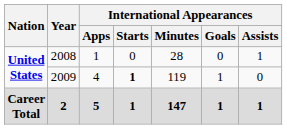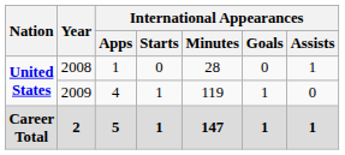 <table class="wikitable" style=font-size:90% text-align: center width=35%>
 <tr>
 <th rowspan=2 width=20%>Nation</th>
 <th rowspan=2 width=7%>Year</th>
 <th colspan=5 width=30%>International Appearances</th>
 </tr>
 <tr>
 <th align=center>Apps</th>
 <th align=center>Starts</th>
 <th align=center>Minutes</th>
 <th align=center>Goals</th>
 <th align=center>Assists</th>
 </tr>
 <tr>
 <td rowspan=2 align=center><strong><a href='#'>United States</a></strong></td>
 <td align=center>2008</td>
 <td align=center>1</td>
 <td align=center>0</td>
 <td align=center>28</td>
 <td align=center>0</td>
 <td align=center>1</td>
 </tr>
 <tr>
 <td align=center>2009</td>
 <td align=center>4</td>
-<td align=center><strong>1</strong></td>
+<td align=center>1</td>
 <td align=center>119</td>
 <td align=center>1</td>
 <td align=center>0</td>
 </tr>
 <tr>
 <th style="background: #DCDCDC" align=center>Career Total</th>
 <th style="background: #DCDCDC" align=center>2</th>
 <th style="background: #DCDCDC" align=center>5</th>
 <th style="background: #DCDCDC" align=center>1</th>
 <th style="background: #DCDCDC" align=center>147</th>
 <th style="background: #DCDCDC" align=center>1</th>
 <th style="background: #DCDCDC" align=center>1</th>
 </tr>
 </table>
